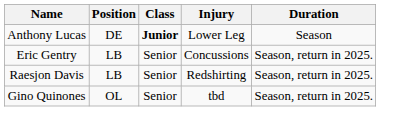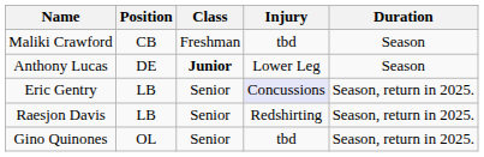 <table class="wikitable">
 <tr>
 <th style="text-align:center; ">Name</th>
 <th style="text-align:center; ">Position</th>
 <th style="text-align:center; ">Class</th>
 <th style="text-align:center; ">Injury</th>
 <th style="text-align:center; ">Duration</th>
+</tr>
+<tr align="center">
+<td>Maliki Crawford</td>
+<td>CB</td>
+<td> Freshman</td>
+<td>tbd</td>
+<td>Season</td>
 </tr>
 <tr align="center">
 <td>Anthony Lucas</td>
 <td>DE</td>
 <td><strong>Junior</strong></td>
 <td>Lower Leg</td>
 <td>Season</td>
 </tr>
 <tr align="center">
 <td>Eric Gentry</td>
 <td>LB</td>
 <td>Senior</td>
-<td>Concussions</td>
+<td style="background: lavender;">Concussions</td>
 <td>Season, return in 2025.</td>
 </tr>
 <tr align="center">
 <td>Raesjon Davis</td>
 <td>LB</td>
 <td>Senior</td>
 <td>Redshirting</td>
 <td>Season, return in 2025.</td>
 </tr>
 <tr align="center">
 <td>Gino Quinones</td>
 <td>OL</td>
 <td> Senior</td>
 <td>tbd</td>
 <td>Season, return in 2025.</td>
 </tr>
 </table>
